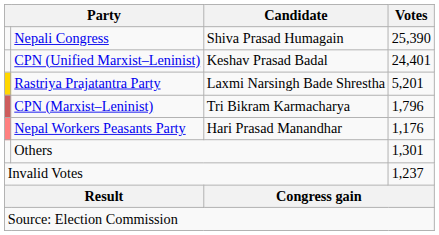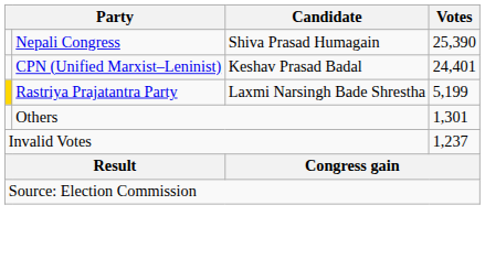 <table class="wikitable">
 <tr>
 <th colspan="2">Party</th>
 <th>Candidate</th>
 <th>Votes</th>
 </tr>
 <tr>
 <td style="background-color:"></td>
 <td><a href='#'>Nepali Congress</a></td>
 <td>Shiva Prasad Humagain</td>
 <td>25,390</td>
 </tr>
 <tr>
 <td style="background-color:"></td>
 <td><a href='#'>CPN (Unified Marxist–Leninist)</a></td>
 <td>Keshav Prasad Badal</td>
 <td>24,401</td>
 </tr>
 <tr>
 <td style="background-color:gold"></td>
 <td><a href='#'>Rastriya Prajatantra Party</a></td>
 <td>Laxmi Narsingh Bade Shrestha</td>
-<td>5,201</td>
-</tr>
-<tr>
-<td style="background-color:indianred"></td>
-<td><a href='#'>CPN (Marxist–Leninist)</a></td>
-<td>Tri Bikram Karmacharya</td>
-<td>1,796</td>
-</tr>
-<tr>
-<td style="background-color:#ff8080"></td>
-<td><a href='#'>Nepal Workers Peasants Party</a></td>
-<td>Hari Prasad Manandhar</td>
-<td>1,176</td>
+<td>5,199</td>
 </tr>
 <tr>
 <td></td>
 <td colspan="2">Others</td>
 <td>1,301</td>
 </tr>
 <tr>
 <td colspan="3">Invalid Votes</td>
 <td>1,237</td>
 </tr>
 <tr>
 <th colspan="2">Result</th>
 <th colspan="2">Congress gain</th>
 </tr>
 <tr>
 <td colspan="4">Source: Election Commission</td>
 </tr>
 </table>
